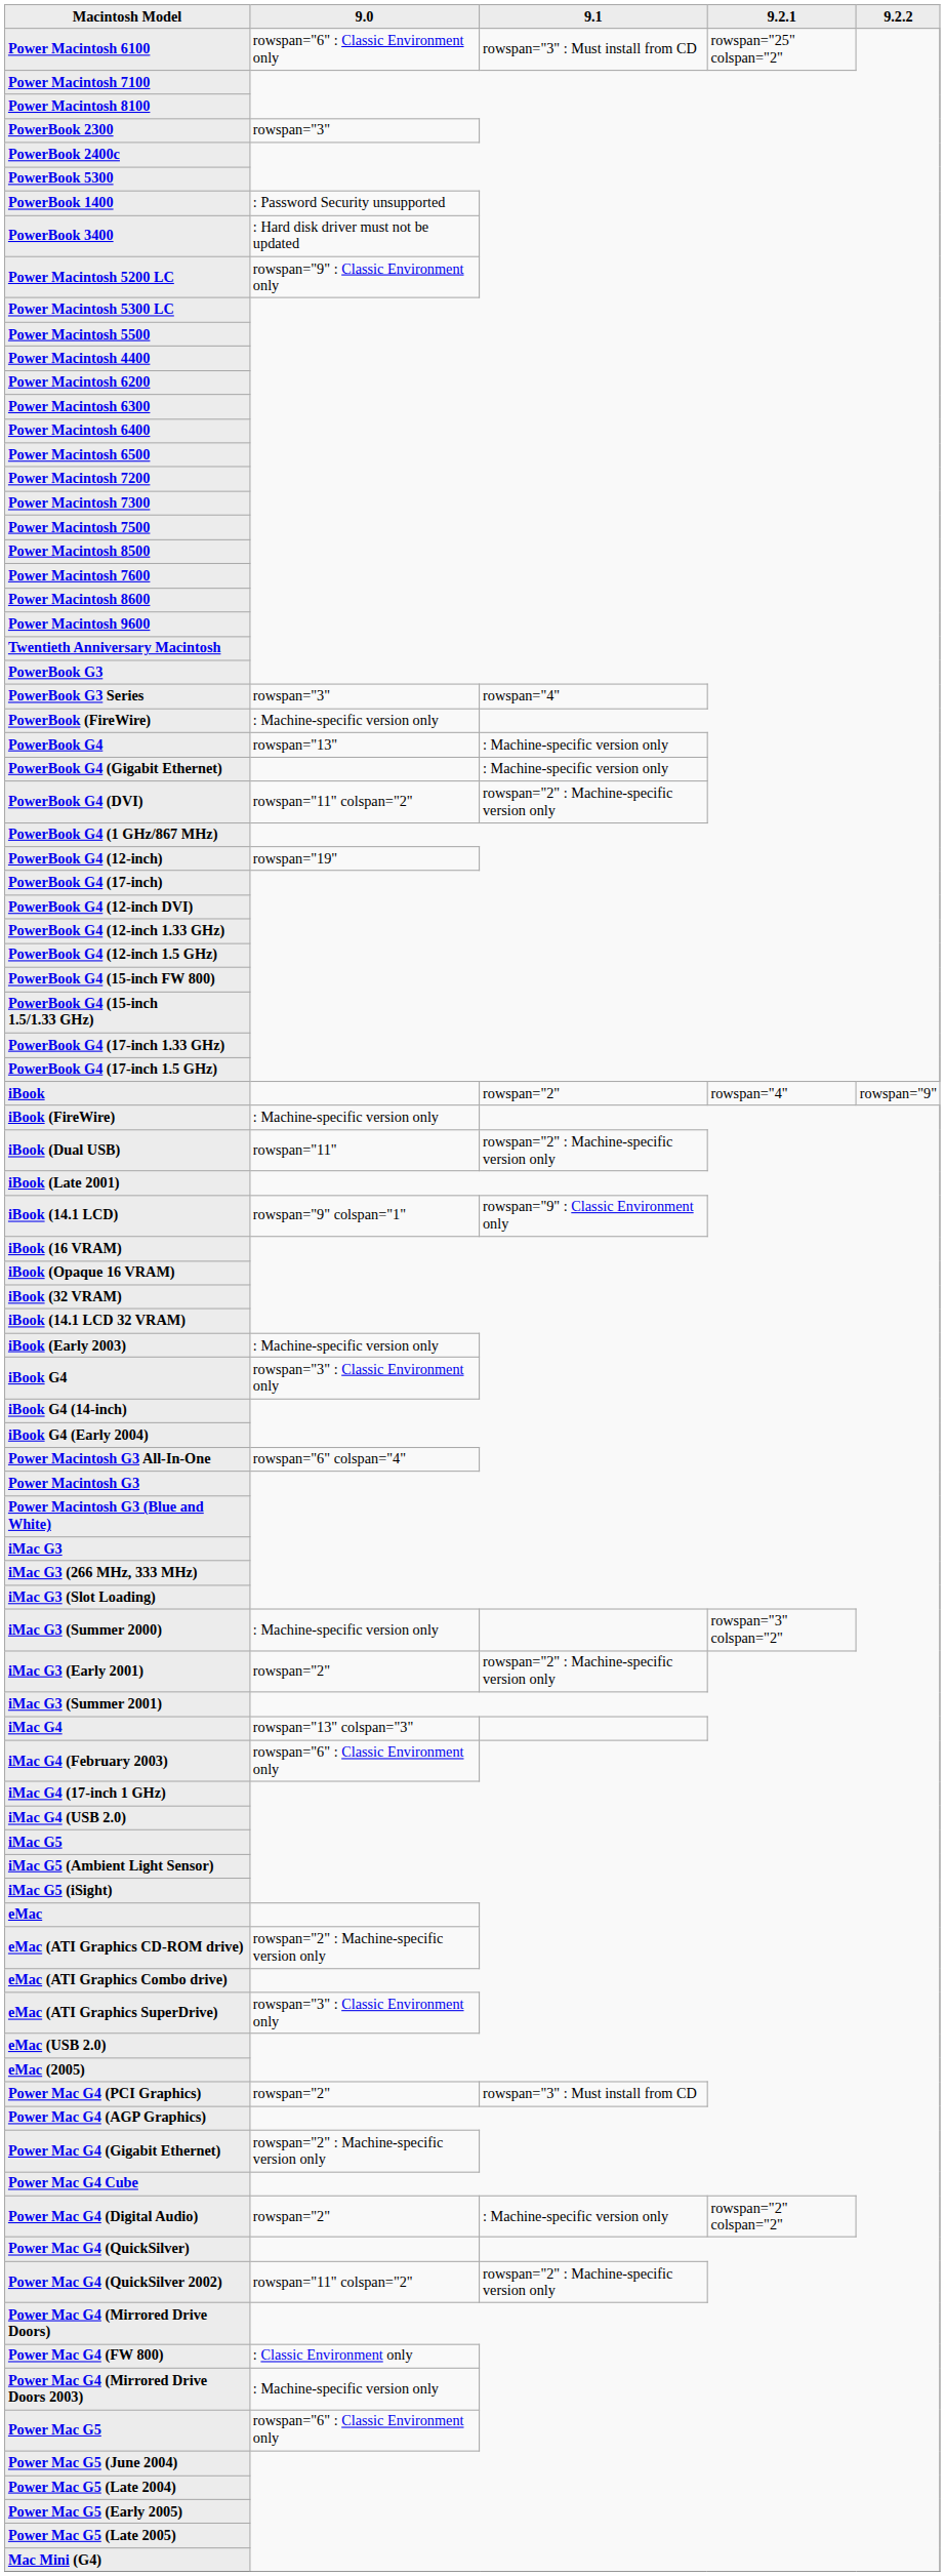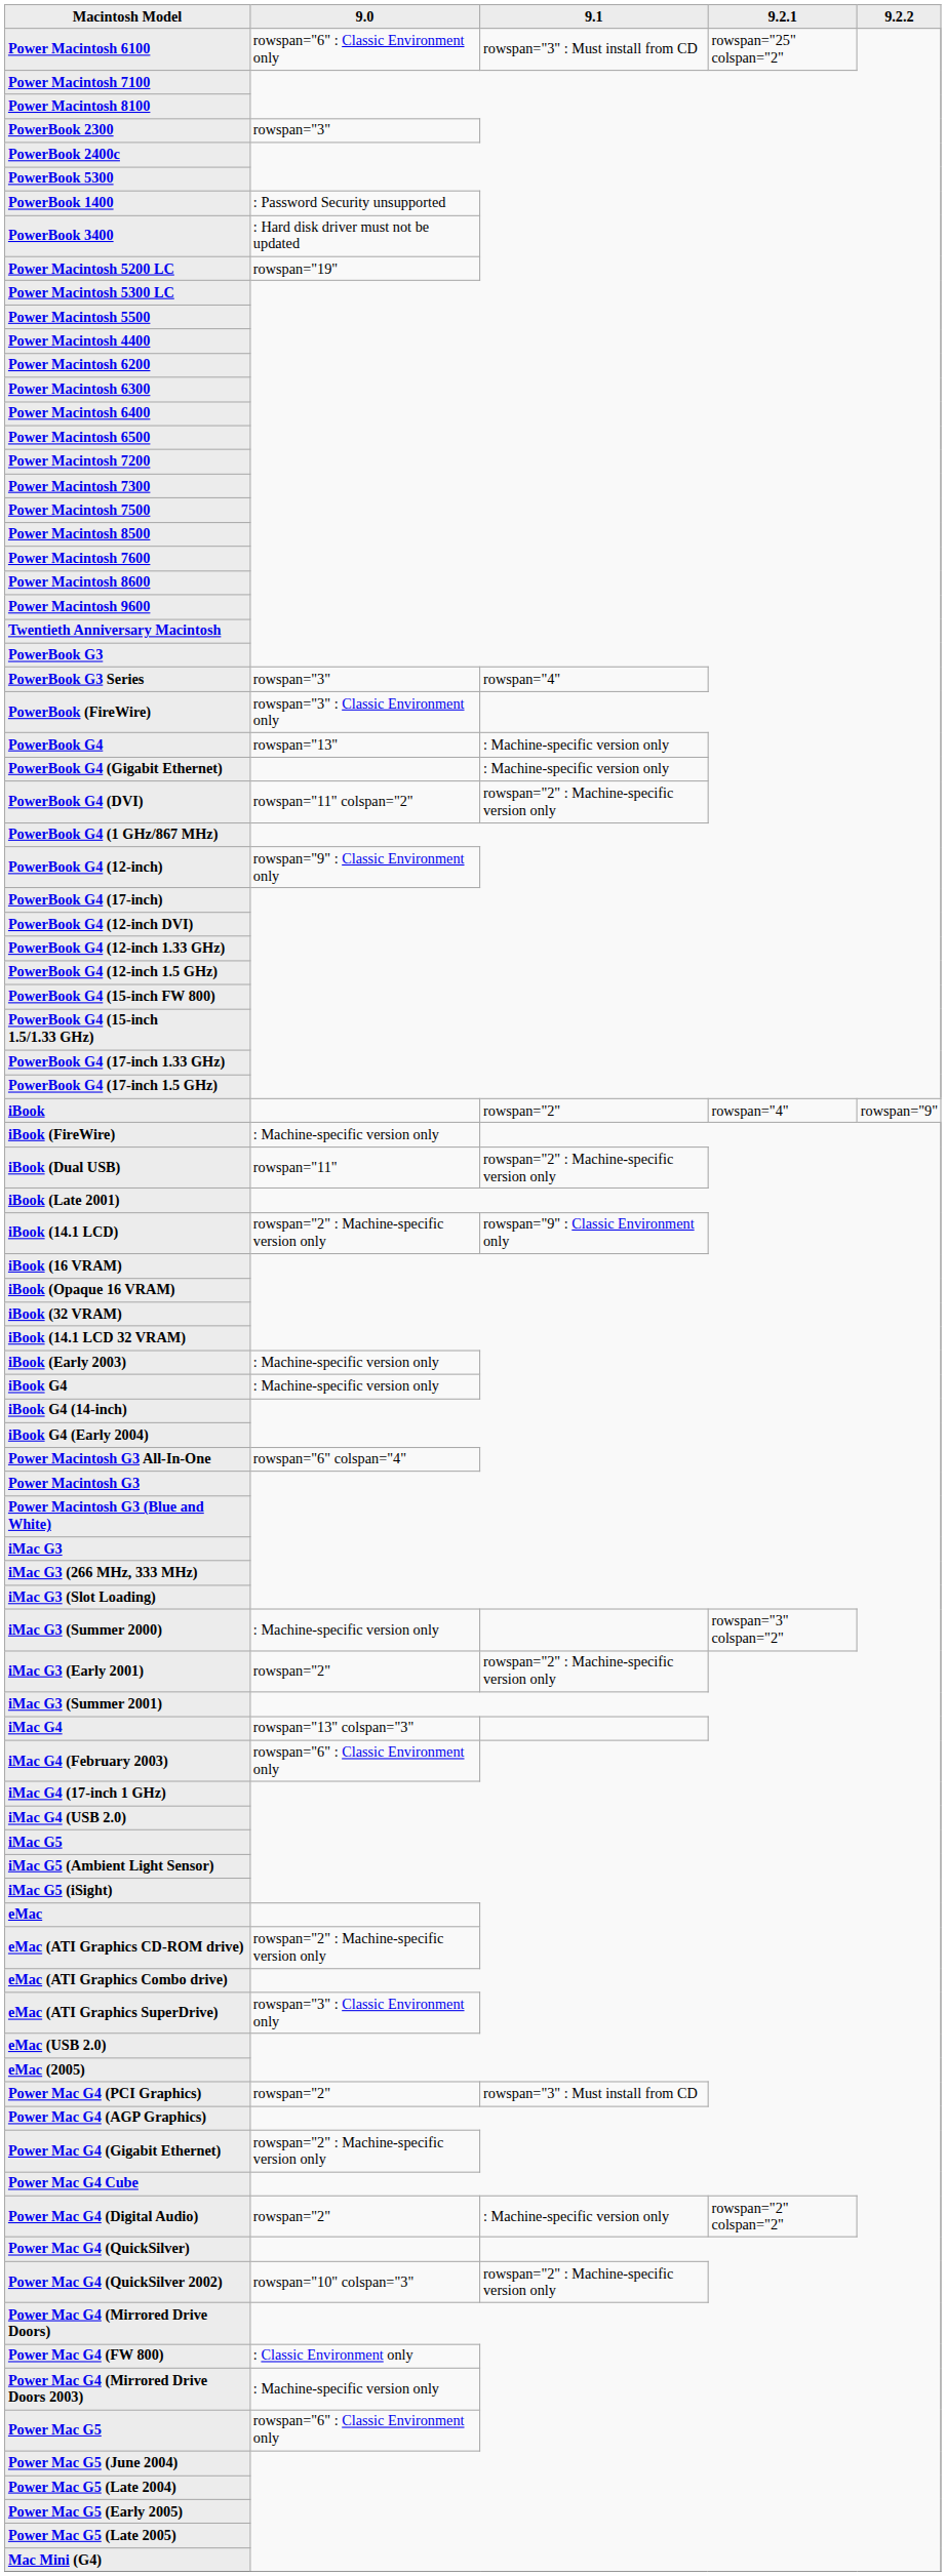 <table border="1" cellpadding="1" cellspacing="0" style="font-size: 85%; border: gray solid 1px; border-collapse: collapse;" class="wikitable">
 <tr>
 <th style="background: #ececec">Macintosh Model</th>
 <th style="background: #ececec">9.0</th>
 <th style="background: #ececec">9.1</th>
 <th style="background: #ececec">9.2.1</th>
 <th style="background: #ececec">9.2.2</th>
 </tr>
 <tr>
 <th style="background: #ececec; text-align: left"><a href='#'>Power Macintosh 6100</a></th>
 <td>rowspan="6" : <a href='#'>Classic Environment</a> only</td>
 <td>rowspan="3" : Must install from CD</td>
 <td>rowspan="25" colspan="2" </td>
 </tr>
 <tr>
 <th style="background: #ececec; text-align: left"><a href='#'>Power Macintosh 7100</a></th>
 </tr>
 <tr>
 <th style="background: #ececec; text-align: left"><a href='#'>Power Macintosh 8100</a></th>
 </tr>
 <tr>
 <th style="background: #ececec; text-align: left"><a href='#'>PowerBook 2300</a></th>
 <td>rowspan="3" </td>
 </tr>
 <tr>
 <th style="background: #ececec; text-align: left"><a href='#'>PowerBook 2400c</a></th>
 </tr>
 <tr>
 <th style="background: #ececec; text-align: left"><a href='#'>PowerBook 5300</a></th>
 </tr>
 <tr>
 <th style="background: #ececec; text-align: left"><a href='#'>PowerBook 1400</a></th>
 <td>: Password Security unsupported</td>
 </tr>
 <tr>
 <th style="background: #ececec; text-align: left"><a href='#'>PowerBook 3400</a></th>
 <td>: Hard disk driver must not be updated</td>
 </tr>
 <tr>
 <th style="background: #ececec; text-align: left"><a href='#'>Power Macintosh 5200 LC</a></th>
-<td>rowspan="9" : <a href='#'>Classic Environment</a> only</td>
+<td>rowspan="19" </td>
 </tr>
 <tr>
 <th style="background: #ececec; text-align: left"><a href='#'>Power Macintosh 5300 LC</a></th>
 </tr>
 <tr>
 <th style="background: #ececec; text-align: left"><a href='#'>Power Macintosh 5500</a></th>
 </tr>
 <tr>
 <th style="background: #ececec; text-align: left"><a href='#'>Power Macintosh 4400</a></th>
 </tr>
 <tr>
 <th style="background: #ececec; text-align: left"><a href='#'>Power Macintosh 6200</a></th>
 </tr>
 <tr>
 <th style="background: #ececec; text-align: left"><a href='#'>Power Macintosh 6300</a></th>
 </tr>
 <tr>
 <th style="background: #ececec; text-align: left"><a href='#'>Power Macintosh 6400</a></th>
 </tr>
 <tr>
 <th style="background: #ececec; text-align: left"><a href='#'>Power Macintosh 6500</a></th>
 </tr>
 <tr>
 <th style="background: #ececec; text-align: left"><a href='#'>Power Macintosh 7200</a></th>
 </tr>
 <tr>
 <th style="background: #ececec; text-align: left"><a href='#'>Power Macintosh 7300</a></th>
 </tr>
 <tr>
 <th style="background: #ececec; text-align: left"><a href='#'>Power Macintosh 7500</a></th>
 </tr>
 <tr>
 <th style="background: #ececec; text-align: left"><a href='#'>Power Macintosh 8500</a></th>
 </tr>
 <tr>
 <th style="background: #ececec; text-align: left"><a href='#'>Power Macintosh 7600</a></th>
 </tr>
 <tr>
 <th style="background: #ececec; text-align: left"><a href='#'>Power Macintosh 8600</a></th>
 </tr>
 <tr>
 <th style="background: #ececec; text-align: left"><a href='#'>Power Macintosh 9600</a></th>
 </tr>
 <tr>
 <th style="background: #ececec; text-align: left"><a href='#'>Twentieth Anniversary Macintosh</a></th>
 </tr>
 <tr>
 <th style="background: #ececec; text-align: left"><a href='#'>PowerBook G3</a></th>
 </tr>
 <tr>
 <th style="background: #ececec; text-align: left"><a href='#'>PowerBook G3</a> Series</th>
 <td>rowspan="3" </td>
 <td>rowspan="4" </td>
 </tr>
 <tr>
 <th style="background: #ececec; text-align: left"><a href='#'>PowerBook</a> (FireWire)</th>
-<td>: Machine-specific version only</td>
+<td>rowspan="3" : <a href='#'>Classic Environment</a> only</td>
 </tr>
 <tr>
 <th style="background: #ececec; text-align: left"><a href='#'>PowerBook G4</a></th>
 <td>rowspan="13" </td>
 <td>: Machine-specific version only</td>
 </tr>
 <tr>
 <th style="background: #ececec; text-align: left"><a href='#'>PowerBook G4</a> (Gigabit Ethernet)</th>
 <td></td>
 <td>: Machine-specific version only</td>
 </tr>
 <tr>
 <th style="background: #ececec; text-align: left"><a href='#'>PowerBook G4</a> (DVI)</th>
 <td>rowspan="11" colspan="2" </td>
 <td>rowspan="2" : Machine-specific version only</td>
 </tr>
 <tr>
 <th style="background: #ececec; text-align: left"><a href='#'>PowerBook G4</a> (1 GHz/867 MHz)</th>
 </tr>
 <tr>
 <th style="background: #ececec; text-align: left"><a href='#'>PowerBook G4</a> (12-inch)</th>
-<td>rowspan="19" </td>
+<td>rowspan="9" : <a href='#'>Classic Environment</a> only</td>
 </tr>
 <tr>
 <th style="background: #ececec; text-align: left"><a href='#'>PowerBook G4</a> (17-inch)</th>
 </tr>
 <tr>
 <th style="background: #ececec; text-align: left"><a href='#'>PowerBook G4</a> (12-inch DVI)</th>
 </tr>
 <tr>
 <th style="background: #ececec; text-align: left"><a href='#'>PowerBook G4</a> (12-inch 1.33 GHz)</th>
 </tr>
 <tr>
 <th style="background: #ececec; text-align: left"><a href='#'>PowerBook G4</a> (12-inch 1.5 GHz)</th>
 </tr>
 <tr>
 <th style="background: #ececec; text-align: left"><a href='#'>PowerBook G4</a> (15-inch FW 800)</th>
 </tr>
 <tr>
 <th style="background: #ececec; text-align: left"><a href='#'>PowerBook G4</a> (15-inch 1.5/1.33 GHz)</th>
 </tr>
 <tr>
 <th style="background: #ececec; text-align: left"><a href='#'>PowerBook G4</a> (17-inch 1.33 GHz)</th>
 </tr>
 <tr>
 <th style="background: #ececec; text-align: left"><a href='#'>PowerBook G4</a> (17-inch 1.5 GHz)</th>
 </tr>
 <tr>
 <th style="background: #ececec; text-align: left"><a href='#'>iBook</a></th>
 <td></td>
 <td>rowspan="2" </td>
 <td>rowspan="4" </td>
 <td>rowspan="9" </td>
 </tr>
 <tr>
 <th style="background: #ececec; text-align: left"><a href='#'>iBook</a> (FireWire)</th>
 <td>: Machine-specific version only</td>
 </tr>
 <tr>
 <th style="background: #ececec; text-align: left"><a href='#'>iBook</a> (Dual USB)</th>
 <td>rowspan="11" </td>
 <td>rowspan="2" : Machine-specific version only</td>
 </tr>
 <tr>
 <th style="background: #ececec; text-align: left"><a href='#'>iBook</a> (Late 2001)</th>
 </tr>
 <tr>
 <th style="background: #ececec; text-align: left"><a href='#'>iBook</a> (14.1 LCD)</th>
-<td>rowspan="9" colspan="1" </td>
+<td>rowspan="2" : Machine-specific version only</td>
 <td>rowspan="9" : <a href='#'>Classic Environment</a> only</td>
 </tr>
 <tr>
 <th style="background: #ececec; text-align: left"><a href='#'>iBook</a> (16 VRAM)</th>
 </tr>
 <tr>
 <th style="background: #ececec; text-align: left"><a href='#'>iBook</a> (Opaque 16 VRAM)</th>
 </tr>
 <tr>
 <th style="background: #ececec; text-align: left"><a href='#'>iBook</a> (32 VRAM)</th>
 </tr>
 <tr>
 <th style="background: #ececec; text-align: left"><a href='#'>iBook</a> (14.1 LCD 32 VRAM)</th>
 </tr>
 <tr>
 <th style="background: #ececec; text-align: left"><a href='#'>iBook</a> (Early 2003)</th>
 <td>: Machine-specific version only</td>
 </tr>
 <tr>
 <th style="background: #ececec; text-align: left"><a href='#'>iBook</a> G4</th>
-<td>rowspan="3" : <a href='#'>Classic Environment</a> only</td>
+<td>: Machine-specific version only</td>
 </tr>
 <tr>
 <th style="background: #ececec; text-align: left"><a href='#'>iBook</a> G4 (14-inch)</th>
 </tr>
 <tr>
 <th style="background: #ececec; text-align: left"><a href='#'>iBook</a> G4 (Early 2004)</th>
 </tr>
 <tr>
 <th style="background: #ececec; text-align: left"><a href='#'>Power Macintosh G3</a> All-In-One</th>
 <td>rowspan="6" colspan="4" </td>
 </tr>
 <tr>
 <th style="background: #ececec; text-align: left"><a href='#'>Power Macintosh G3</a></th>
 </tr>
 <tr>
 <th style="background: #ececec; text-align: left"><a href='#'>Power Macintosh G3 (Blue and White)</a></th>
 </tr>
 <tr>
 <th style="background: #ececec; text-align: left"><a href='#'>iMac G3</a></th>
 </tr>
 <tr>
 <th style="background: #ececec; text-align: left"><a href='#'>iMac G3</a> (266 MHz, 333 MHz)</th>
 </tr>
 <tr>
 <th style="background: #ececec; text-align: left"><a href='#'>iMac G3</a> (Slot Loading)</th>
 </tr>
 <tr>
 <th style="background: #ececec; text-align: left"><a href='#'>iMac G3</a> (Summer 2000)</th>
 <td>: Machine-specific version only</td>
 <td></td>
 <td>rowspan="3" colspan="2" </td>
 </tr>
 <tr>
 <th style="background: #ececec; text-align: left"><a href='#'>iMac G3</a> (Early 2001)</th>
 <td>rowspan="2" </td>
 <td>rowspan="2" : Machine-specific version only</td>
 </tr>
 <tr>
 <th style="background: #ececec; text-align: left"><a href='#'>iMac G3</a> (Summer 2001)</th>
 </tr>
 <tr>
 <th style="background: #ececec; text-align: left"><a href='#'>iMac G4</a></th>
 <td>rowspan="13" colspan="3" </td>
 <td></td>
 </tr>
 <tr>
 <th style="background: #ececec; text-align: left"><a href='#'>iMac G4</a> (February 2003)</th>
 <td>rowspan="6" : <a href='#'>Classic Environment</a> only</td>
 </tr>
 <tr>
 <th style="background: #ececec; text-align: left"><a href='#'>iMac G4</a> (17-inch 1 GHz)</th>
 </tr>
 <tr>
 <th style="background: #ececec; text-align: left"><a href='#'>iMac G4</a> (USB 2.0)</th>
 </tr>
 <tr>
 <th style="background: #ececec; text-align: left"><a href='#'>iMac G5</a></th>
 </tr>
 <tr>
 <th style="background: #ececec; text-align: left"><a href='#'>iMac G5</a> (Ambient Light Sensor)</th>
 </tr>
 <tr>
 <th style="background: #ececec; text-align: left"><a href='#'>iMac G5</a> (iSight)</th>
 </tr>
 <tr>
 <th style="background: #ececec; text-align: left"><a href='#'>eMac</a></th>
 <td></td>
 </tr>
 <tr>
 <th style="background: #ececec; text-align: left"><a href='#'>eMac</a> (ATI Graphics CD-ROM drive)</th>
 <td>rowspan="2" : Machine-specific version only</td>
 </tr>
 <tr>
 <th style="background: #ececec; text-align: left"><a href='#'>eMac</a> (ATI Graphics Combo drive)</th>
 </tr>
 <tr>
 <th style="background: #ececec; text-align: left"><a href='#'>eMac</a> (ATI Graphics SuperDrive)</th>
 <td>rowspan="3" : <a href='#'>Classic Environment</a> only</td>
 </tr>
 <tr>
 <th style="background: #ececec; text-align: left"><a href='#'>eMac</a> (USB 2.0)</th>
 </tr>
 <tr>
 <th style="background: #ececec; text-align: left"><a href='#'>eMac</a> (2005)</th>
 </tr>
 <tr>
 <th style="background: #ececec; text-align: left"><a href='#'>Power Mac G4</a> (PCI Graphics)</th>
 <td>rowspan="2" </td>
 <td>rowspan="3" : Must install from CD</td>
 </tr>
 <tr>
 <th style="background: #ececec; text-align: left"><a href='#'>Power Mac G4</a> (AGP Graphics)</th>
 </tr>
 <tr>
 <th style="background: #ececec; text-align: left"><a href='#'>Power Mac G4</a> (Gigabit Ethernet)</th>
 <td>rowspan="2" : Machine-specific version only</td>
 </tr>
 <tr>
 <th style="background: #ececec; text-align: left"><a href='#'>Power Mac G4 Cube</a></th>
 </tr>
 <tr>
 <th style="background: #ececec; text-align: left"><a href='#'>Power Mac G4</a> (Digital Audio)</th>
 <td>rowspan="2" </td>
 <td>: Machine-specific version only</td>
 <td>rowspan="2" colspan="2" </td>
 </tr>
 <tr>
 <th style="background: #ececec; text-align: left"><a href='#'>Power Mac G4</a> (QuickSilver)</th>
 <td></td>
 </tr>
 <tr>
 <th style="background: #ececec; text-align: left"><a href='#'>Power Mac G4</a> (QuickSilver 2002)</th>
-<td>rowspan="11" colspan="2" </td>
+<td>rowspan="10" colspan="3" </td>
 <td>rowspan="2" : Machine-specific version only</td>
 </tr>
 <tr>
 <th style="background: #ececec; text-align: left"><a href='#'>Power Mac G4</a> (Mirrored Drive Doors)</th>
 </tr>
 <tr>
 <th style="background: #ececec; text-align: left"><a href='#'>Power Mac G4</a> (FW 800)</th>
 <td>: <a href='#'>Classic Environment</a> only</td>
 </tr>
 <tr>
 <th style="background: #ececec; text-align: left"><a href='#'>Power Mac G4</a> (Mirrored Drive Doors 2003)</th>
 <td>: Machine-specific version only</td>
 </tr>
 <tr>
 <th style="background: #ececec; text-align: left"><a href='#'>Power Mac G5</a></th>
 <td>rowspan="6" : <a href='#'>Classic Environment</a> only</td>
 </tr>
 <tr>
 <th style="background: #ececec; text-align: left"><a href='#'>Power Mac G5</a> (June 2004)</th>
 </tr>
 <tr>
 <th style="background: #ececec; text-align: left"><a href='#'>Power Mac G5</a> (Late 2004)</th>
 </tr>
 <tr>
 <th style="background: #ececec; text-align: left"><a href='#'>Power Mac G5</a> (Early 2005)</th>
 </tr>
 <tr>
 <th style="background: #ececec; text-align: left"><a href='#'>Power Mac G5</a> (Late 2005)</th>
 </tr>
 <tr>
 <th style="background: #ececec; text-align: left"><a href='#'>Mac Mini</a> (G4)</th>
 </tr>
 <tr>
 </tr>
 </table>
